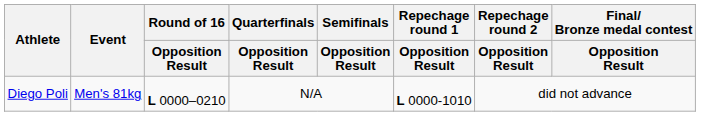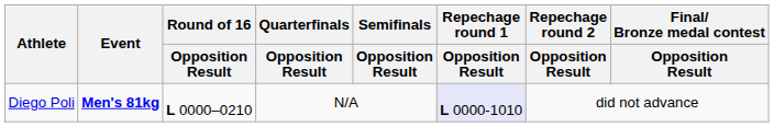 <table class=wikitable style="font-size:90%">
 <tr>
 <th rowspan="2">Athlete</th>
 <th rowspan="2">Event</th>
 <th>Round of 16</th>
 <th>Quarterfinals</th>
 <th>Semifinals</th>
 <th>Repechage <br>round 1</th>
 <th>Repechage <br>round 2</th>
 <th>Final/<br>Bronze medal contest</th>
 </tr>
 <tr>
 <th>Opposition<br>Result</th>
 <th>Opposition<br>Result</th>
 <th>Opposition<br>Result</th>
 <th>Opposition<br>Result</th>
 <th>Opposition<br>Result</th>
 <th>Opposition<br>Result</th>
 </tr>
 <tr>
 <td><a href='#'>Diego Poli</a></td>
-<td style="text-align:center;"><a href='#'>Men's 81kg</a></td>
+<td style="text-align:center;"><strong><a href='#'>Men's 81kg</a></strong></td>
 <td style="text-align:center;"><br> <strong>L</strong> 0000–0210</td>
 <td style="text-align:center;" colspan="2">N/A</td>
-<td style="text-align:center;"><br> <strong>L</strong> 0000-1010</td>
+<td style="background: lavender; text-align:center;"><br> <strong>L</strong> 0000-1010</td>
 <td style="text-align:center;" colspan="2">did not advance</td>
 </tr>
 </table>
